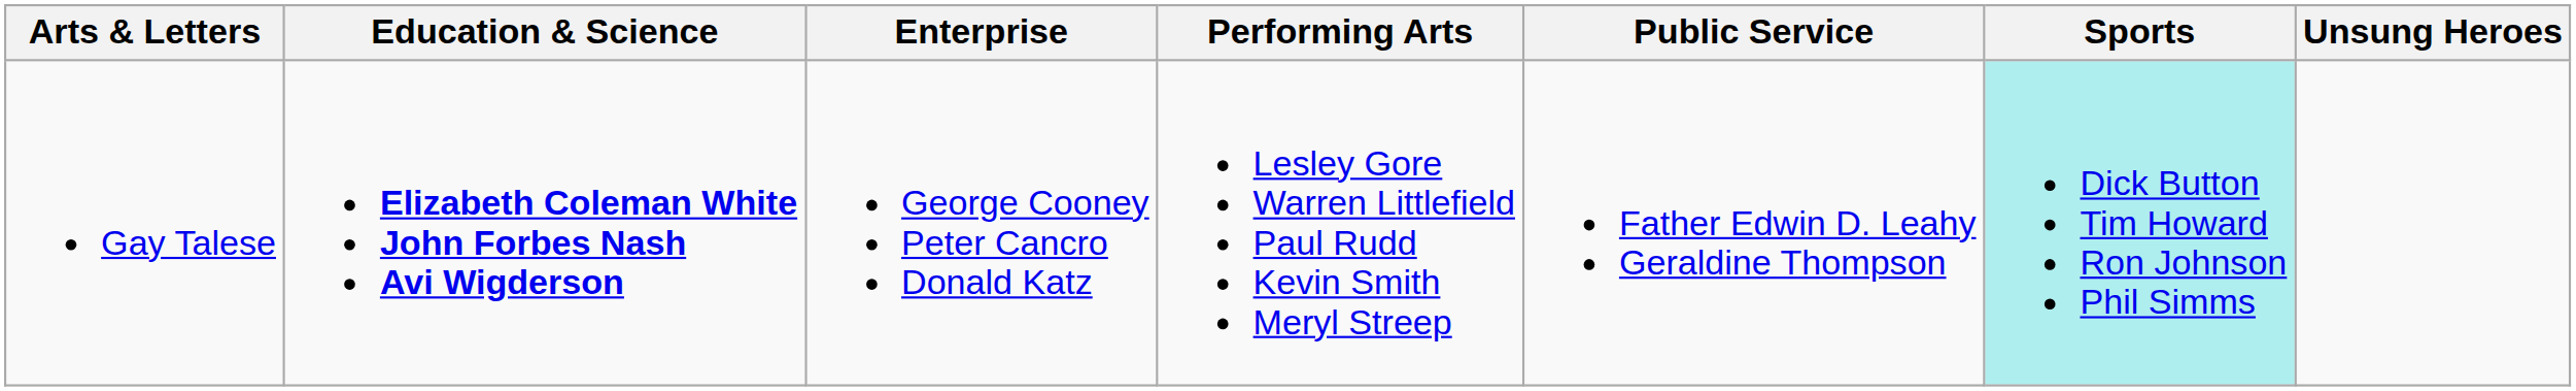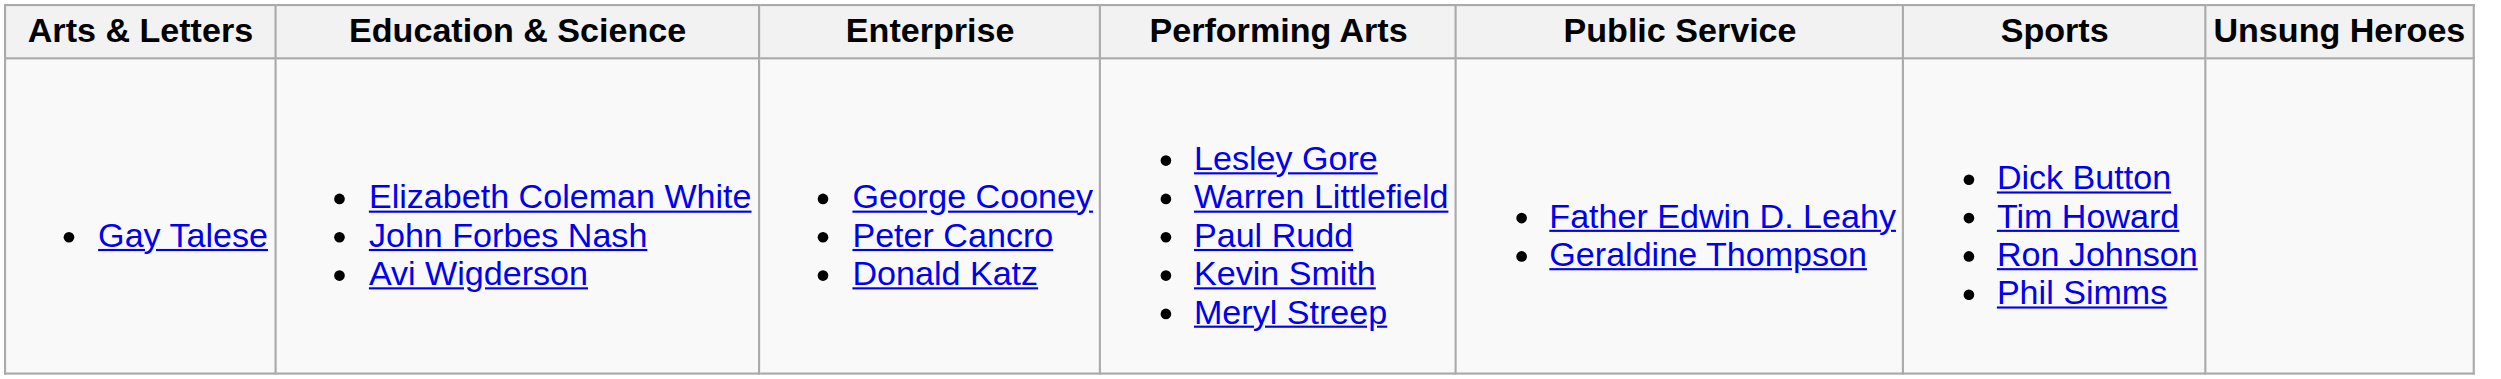 <table class="wikitable">
 <tr>
 <th>Arts & Letters</th>
 <th>Education & Science</th>
 <th>Enterprise</th>
 <th>Performing Arts</th>
 <th>Public Service</th>
 <th>Sports</th>
 <th>Unsung Heroes</th>
 </tr>
 <tr>
 <td><br><ul><li><a href='#'>Gay Talese</a></li></ul></td>
-<td><strong><br><ul><li><a href='#'>Elizabeth Coleman White</a></li><li><a href='#'>John Forbes Nash</a></li><li><a href='#'>Avi Wigderson</a></li></ul></strong></td>
+<td><br><ul><li><a href='#'>Elizabeth Coleman White</a></li><li><a href='#'>John Forbes Nash</a></li><li><a href='#'>Avi Wigderson</a></li></ul></td>
 <td><br><ul><li><a href='#'>George Cooney</a></li><li><a href='#'>Peter Cancro</a></li><li><a href='#'>Donald Katz</a></li></ul></td>
 <td><br><ul><li><a href='#'>Lesley Gore</a></li><li><a href='#'>Warren Littlefield</a></li><li><a href='#'>Paul Rudd</a></li><li><a href='#'>Kevin Smith</a></li><li><a href='#'>Meryl Streep</a></li></ul></td>
 <td><br><ul><li><a href='#'>Father Edwin D. Leahy</a></li><li><a href='#'>Geraldine Thompson</a></li></ul></td>
-<td style="background: paleturquoise;"><br><ul><li><a href='#'>Dick Button</a></li><li><a href='#'>Tim Howard</a></li><li><a href='#'>Ron Johnson</a></li><li><a href='#'>Phil Simms</a></li></ul></td>
+<td><br><ul><li><a href='#'>Dick Button</a></li><li><a href='#'>Tim Howard</a></li><li><a href='#'>Ron Johnson</a></li><li><a href='#'>Phil Simms</a></li></ul></td>
 </tr>
 </table>
